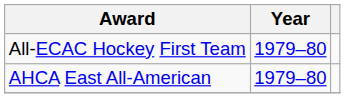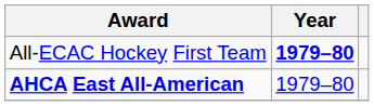 <table class="wikitable">
 <tr>
 <th>Award</th>
 <th>Year</th>
 <th></th>
 </tr>
 <tr>
 <td>All-<a href='#'>ECAC Hockey</a> <a href='#'>First Team</a></td>
-<td><a href='#'>1979–80</a></td>
+<td><strong><a href='#'>1979–80</a></strong></td>
 <td></td>
 </tr>
 <tr>
-<td><a href='#'>AHCA</a> <a href='#'>East All-American</a></td>
+<td><strong><a href='#'>AHCA</a> <a href='#'>East All-American</a></strong></td>
 <td><a href='#'>1979–80</a></td>
 <td></td>
 </tr>
 <tr>
 </tr>
 </table>
